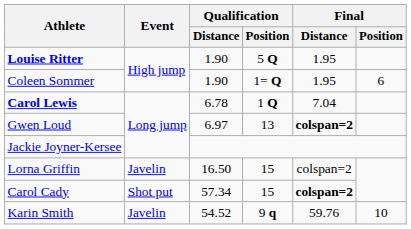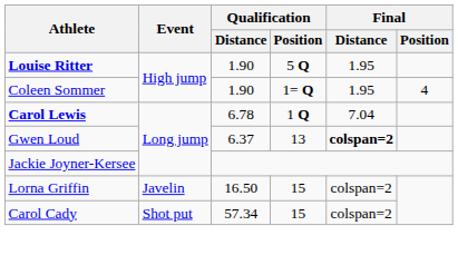 <table class=wikitable style=font-size:90%>
 <tr>
 <th rowspan=2>Athlete</th>
 <th rowspan=2>Event</th>
 <th colspan=2>Qualification</th>
 <th colspan=2>Final</th>
 </tr>
 <tr style=font-size:95%>
 <th>Distance</th>
 <th>Position</th>
 <th>Distance</th>
 <th>Position</th>
 </tr>
 <tr align=center>
 <td align=left><strong><a href='#'>Louise Ritter</a></strong></td>
 <td align=left rowspan=2><a href='#'>High jump</a></td>
 <td>1.90</td>
 <td>5 <strong>Q</strong></td>
 <td>1.95</td>
 <td></td>
 </tr>
 <tr align=center>
 <td align=left><a href='#'>Coleen Sommer</a></td>
 <td>1.90</td>
 <td>1= <strong>Q</strong></td>
 <td>1.95</td>
-<td>6</td>
+<td>4</td>
 </tr>
 <tr align=center>
 <td align=left><strong><a href='#'>Carol Lewis</a></strong></td>
 <td align=left rowspan=3><a href='#'>Long jump</a></td>
 <td>6.78</td>
 <td>1 <strong>Q</strong></td>
 <td>7.04</td>
 <td></td>
 </tr>
 <tr align=center>
 <td align=left><a href='#'>Gwen Loud</a></td>
-<td>6.97</td>
+<td>6.37</td>
 <td>13</td>
 <td><strong>colspan=2 </strong></td>
 </tr>
 <tr align=center>
 <td align=left><a href='#'>Jackie Joyner-Kersee</a></td>
 <td colspan=4></td>
 </tr>
 <tr align=center>
 <td align=left><a href='#'>Lorna Griffin</a></td>
 <td align=left><a href='#'>Javelin</a></td>
 <td>16.50</td>
 <td>15</td>
 <td>colspan=2 </td>
 </tr>
 <tr align=center>
 <td align=left><a href='#'>Carol Cady</a></td>
 <td align=left><a href='#'>Shot put</a></td>
 <td>57.34</td>
 <td>15</td>
-<td><strong>colspan=2 </strong></td>
-</tr>
-<tr align=center>
-<td align=left><a href='#'>Karin Smith</a></td>
-<td align=left><a href='#'>Javelin</a></td>
-<td>54.52</td>
-<td>9 <strong>q</strong></td>
-<td>59.76</td>
-<td>10</td>
+<td>colspan=2 </td>
 </tr>
 </table>
